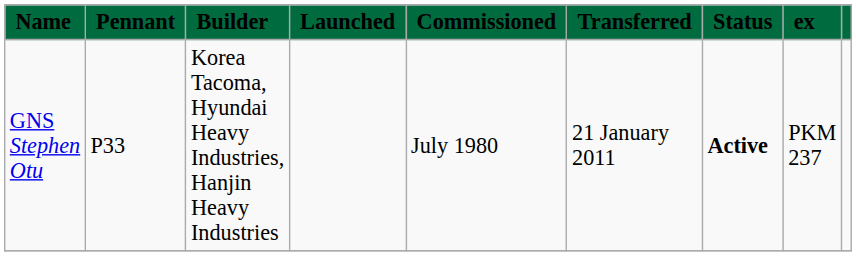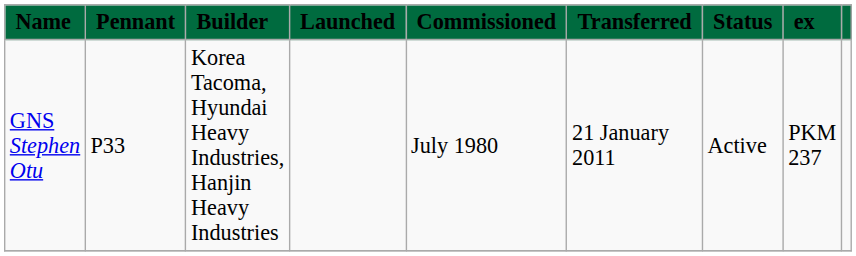 <table class="wikitable">
 <tr ---- bgcolor=#006b3f>
 <td><strong><span> Name </span></strong></td>
 <td><strong><span> Pennant </span></strong></td>
 <td><strong><span> Builder </span></strong></td>
 <td><strong><span> Launched </span></strong></td>
 <td><strong><span> Commissioned </span></strong></td>
 <td><strong><span> Transferred </span></strong></td>
 <td><strong><span> Status </span></strong></td>
 <td><strong><span> ex </span></strong></td>
 <td></td>
 </tr>
 <tr>
 <td><a href='#'>GNS <em>Stephen Otu</em></a></td>
 <td>P33</td>
 <td>Korea Tacoma, Hyundai Heavy Industries, Hanjin Heavy Industries</td>
 <td></td>
 <td>July 1980</td>
 <td>21 January 2011</td>
-<td><strong>Active</strong></td>
+<td>Active</td>
 <td>PKM 237</td>
 <td></td>
 </tr>
 <tr>
 </tr>
 </table>
